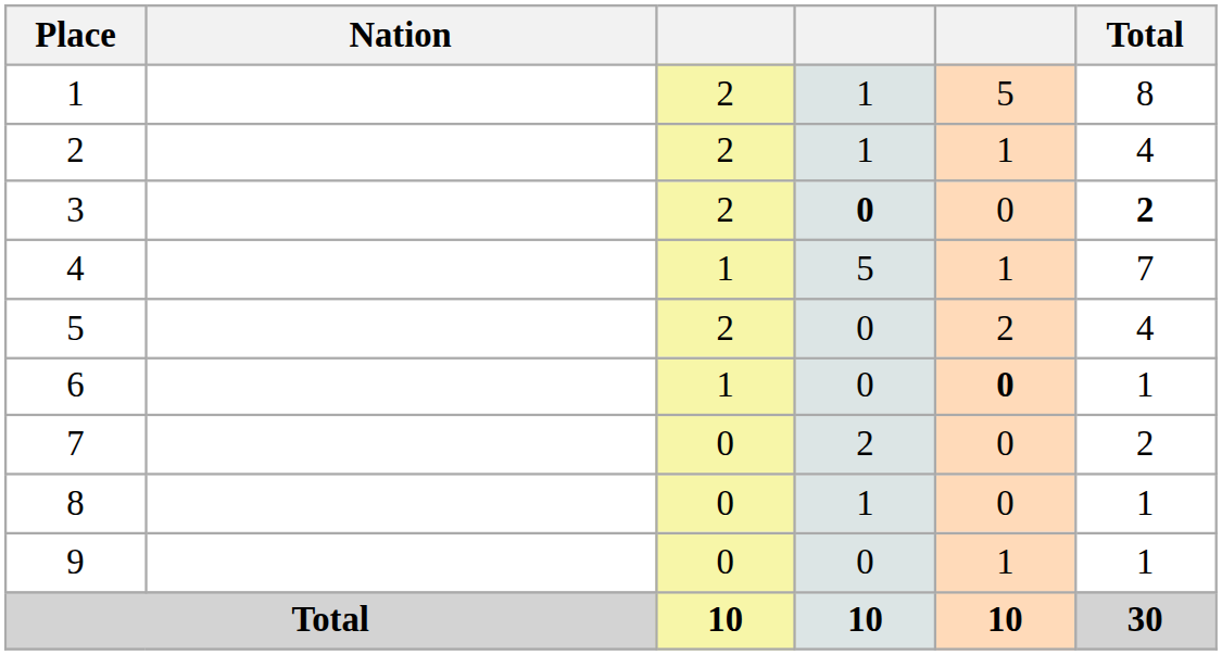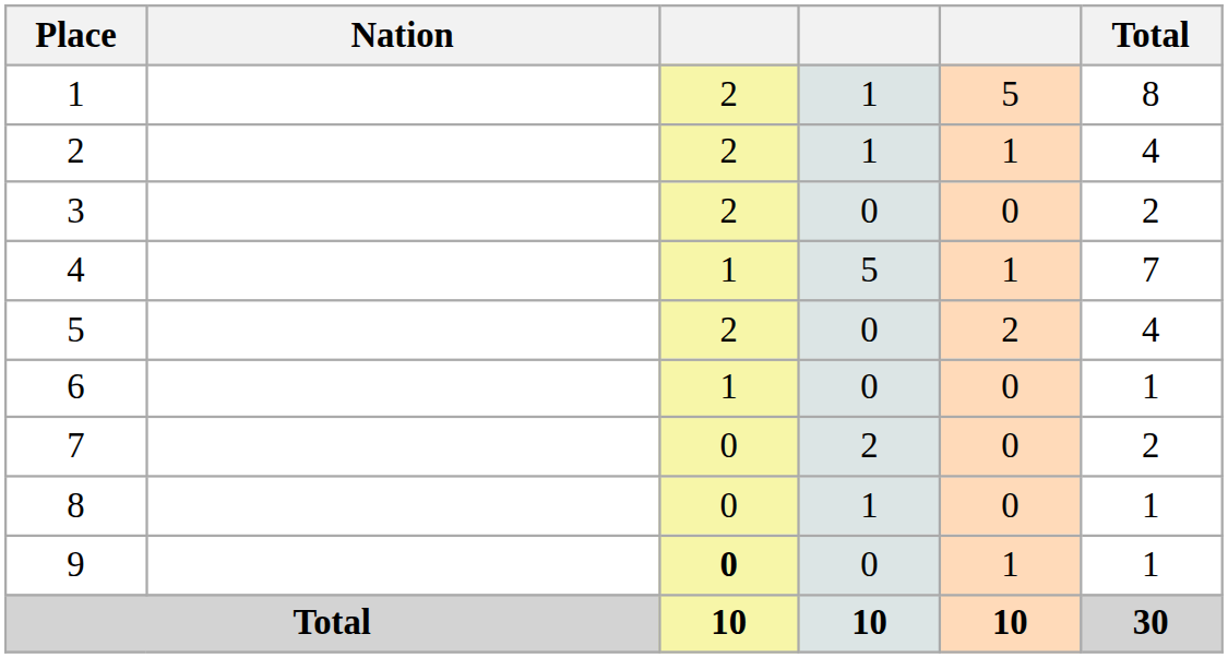 <table class=wikitable style="border:1px solid #AAAAAA;font-size:90%">
 <tr bgcolor="#EFEFEF">
 <th width=50>Place</th>
 <th width=200>Nation</th>
 <th width=50></th>
 <th width=50></th>
 <th width=50></th>
 <th width=50>Total</th>
 </tr>
 <tr align="center" valign="top" bgcolor="#FFFFFF">
 <td>1</td>
 <td align="left"></td>
 <td style="background:#F7F6A8;">2</td>
 <td style="background:#DCE5E5;">1</td>
 <td style="background:#FFDAB9;">5</td>
 <td>8</td>
 </tr>
 <tr align="center" valign="top" bgcolor="#FFFFFF">
 <td>2</td>
 <td align="left"></td>
 <td style="background:#F7F6A8;">2</td>
 <td style="background:#DCE5E5;">1</td>
 <td style="background:#FFDAB9;">1</td>
 <td>4</td>
 </tr>
 <tr align="center" valign="top" bgcolor="#FFFFFF">
 <td>3</td>
 <td align="left"></td>
 <td style="background:#F7F6A8;">2</td>
-<td style="background:#DCE5E5;"><strong>0</strong></td>
+<td style="background:#DCE5E5;">0</td>
 <td style="background:#FFDAB9;">0</td>
-<td><strong>2</strong></td>
+<td>2</td>
 </tr>
 <tr align="center" valign="top" bgcolor="#FFFFFF">
 <td>4</td>
 <td align="left"></td>
 <td style="background:#F7F6A8;">1</td>
 <td style="background:#DCE5E5;">5</td>
 <td style="background:#FFDAB9;">1</td>
 <td>7</td>
 </tr>
 <tr align="center" valign="top" bgcolor="#FFFFFF">
 <td>5</td>
 <td align="left"></td>
 <td style="background:#F7F6A8;">2</td>
 <td style="background:#DCE5E5;">0</td>
 <td style="background:#FFDAB9;">2</td>
 <td>4</td>
 </tr>
 <tr align="center" valign="top" bgcolor="#FFFFFF">
 <td>6</td>
 <td align="left"></td>
 <td style="background:#F7F6A8;">1</td>
 <td style="background:#DCE5E5;">0</td>
-<td style="background:#FFDAB9;"><strong>0</strong></td>
+<td style="background:#FFDAB9;">0</td>
 <td>1</td>
 </tr>
 <tr align="center" valign="top" bgcolor="#FFFFFF">
 <td>7</td>
 <td align="left"></td>
 <td style="background:#F7F6A8;">0</td>
 <td style="background:#DCE5E5;">2</td>
 <td style="background:#FFDAB9;">0</td>
 <td>2</td>
 </tr>
 <tr align="center" valign="top" bgcolor="#FFFFFF">
 <td>8</td>
 <td align="left"></td>
 <td style="background:#F7F6A8;">0</td>
 <td style="background:#DCE5E5;">1</td>
 <td style="background:#FFDAB9;">0</td>
 <td>1</td>
 </tr>
 <tr align="center" valign="top" bgcolor="#FFFFFF">
 <td>9</td>
 <td align="left"></td>
-<td style="background:#F7F6A8;">0</td>
+<td style="background:#F7F6A8;"><strong>0</strong></td>
 <td style="background:#DCE5E5;">0</td>
 <td style="background:#FFDAB9;">1</td>
 <td>1</td>
 </tr>
 <tr align="center">
 <td colspan="2" bgcolor=D3D3D3><strong>Total</strong></td>
 <td style="background:#F7F6A8;"><strong>10</strong></td>
 <td style="background:#DCE5E5;"><strong>10</strong></td>
 <td style="background:#FFDAB9;"><strong>10</strong></td>
 <td bgcolor=D3D3D3><strong>30</strong></td>
 </tr>
 </table>
